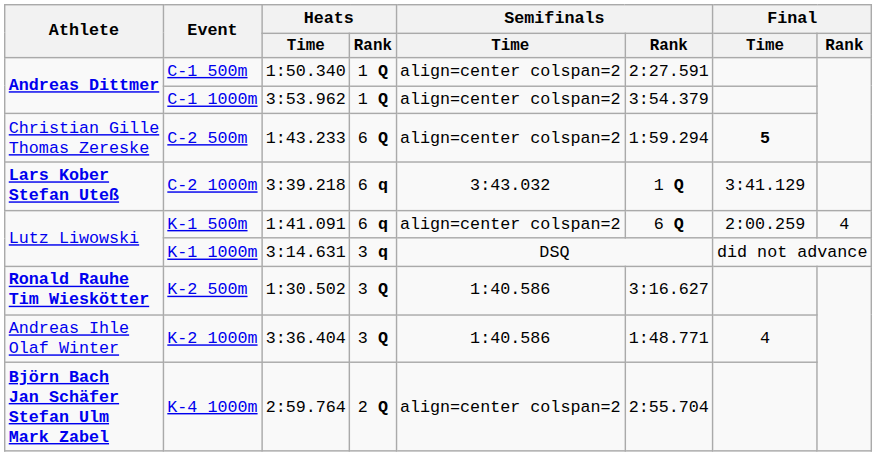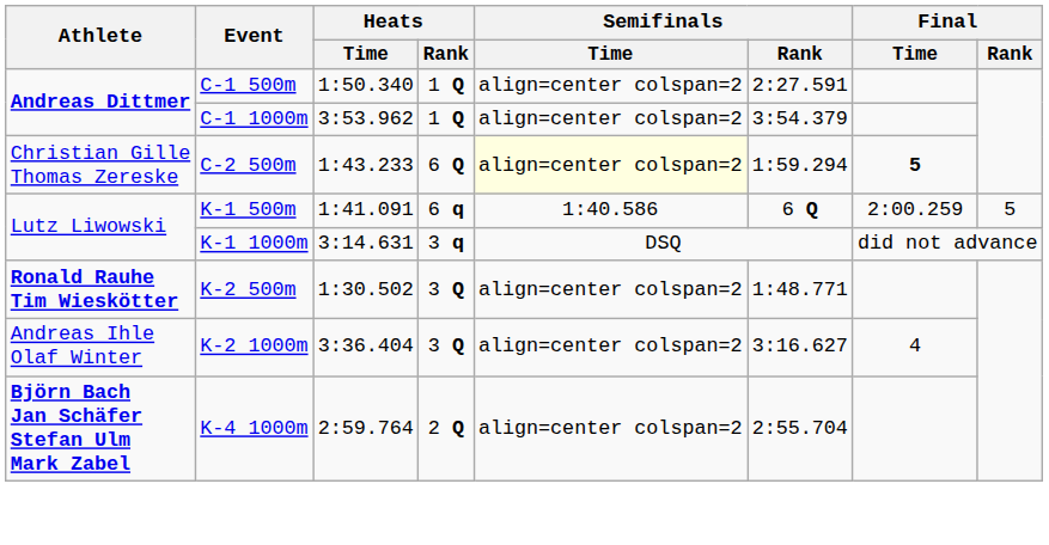 <table class="wikitable" style="font-size:90%">
 <tr>
 <th rowspan=2>Athlete</th>
 <th rowspan=2>Event</th>
 <th colspan=2>Heats</th>
 <th colspan=2>Semifinals</th>
 <th colspan=2>Final</th>
 </tr>
 <tr style="font-size:95%">
 <th>Time</th>
 <th>Rank</th>
 <th>Time</th>
 <th>Rank</th>
 <th>Time</th>
 <th>Rank</th>
 </tr>
 <tr>
 <td align=left rowspan=2><strong><a href='#'>Andreas Dittmer</a></strong></td>
 <td align=left><a href='#'>C-1 500m</a></td>
 <td align=center>1:50.340</td>
 <td align=center>1 <strong>Q</strong></td>
 <td>align=center colspan=2 </td>
 <td align=center>2:27.591</td>
 <td align=center></td>
 </tr>
 <tr>
 <td align=left><a href='#'>C-1 1000m</a></td>
 <td align=center>3:53.962</td>
 <td align=center>1 <strong>Q</strong></td>
 <td>align=center colspan=2 </td>
 <td align=center>3:54.379</td>
 <td align=center></td>
 </tr>
 <tr>
 <td align=left><a href='#'>Christian Gille</a><br> <a href='#'>Thomas Zereske</a></td>
 <td align=left><a href='#'>C-2 500m</a></td>
 <td align=center>1:43.233</td>
 <td align=center>6 <strong>Q</strong></td>
-<td>align=center colspan=2 </td>
+<td style="background: lightyellow;">align=center colspan=2 </td>
 <td align=center>1:59.294</td>
 <td align=center><strong>5</strong></td>
-</tr>
-<tr>
-<td align=left><strong><a href='#'>Lars Kober</a></strong><br> <strong><a href='#'>Stefan Uteß</a></strong></td>
-<td align=left><a href='#'>C-2 1000m</a></td>
-<td align=center>3:39.218</td>
-<td align=center>6 <strong>q</strong></td>
-<td align=center>3:43.032</td>
-<td align=center>1 <strong>Q</strong></td>
-<td align=center>3:41.129</td>
-<td align=center></td>
 </tr>
 <tr>
 <td align=left rowspan=2><a href='#'>Lutz Liwowski</a></td>
 <td align=left><a href='#'>K-1 500m</a></td>
 <td align=center>1:41.091</td>
 <td align=center>6 <strong>q</strong></td>
-<td>align=center colspan=2 </td>
+<td align=center>1:40.586</td>
 <td align=center>6 <strong>Q</strong></td>
 <td align=center>2:00.259</td>
-<td align=center>4</td>
+<td align=center>5</td>
 </tr>
 <tr>
 <td align=left><a href='#'>K-1 1000m</a></td>
 <td align=center>3:14.631</td>
 <td align=center>3 <strong>q</strong></td>
 <td align=center colspan=2>DSQ</td>
 <td align=center colspan=2>did not advance</td>
 </tr>
 <tr>
 <td align=left><strong><a href='#'>Ronald Rauhe</a></strong><br> <strong><a href='#'>Tim Wieskötter</a></strong></td>
 <td align=left><a href='#'>K-2 500m</a></td>
 <td align=center>1:30.502</td>
 <td align=center>3 <strong>Q</strong></td>
-<td align=center>1:40.586</td>
-<td align=center>3:16.627</td>
+<td>align=center colspan=2 </td>
+<td align=center>1:48.771</td>
 <td align=center></td>
 </tr>
 <tr>
 <td align=left><a href='#'>Andreas Ihle</a><br> <a href='#'>Olaf Winter</a></td>
 <td align=left><a href='#'>K-2 1000m</a></td>
 <td align=center>3:36.404</td>
 <td align=center>3 <strong>Q</strong></td>
-<td align=center>1:40.586</td>
-<td align=center>1:48.771</td>
+<td>align=center colspan=2 </td>
+<td align=center>3:16.627</td>
 <td align=center>4</td>
 </tr>
 <tr>
 <td align=left><strong><a href='#'>Björn Bach</a></strong><br> <strong><a href='#'>Jan Schäfer</a></strong><br> <strong><a href='#'>Stefan Ulm</a></strong><br> <strong><a href='#'>Mark Zabel</a></strong></td>
 <td align=left><a href='#'>K-4 1000m</a></td>
 <td align=center>2:59.764</td>
 <td align=center>2 <strong>Q</strong></td>
 <td>align=center colspan=2 </td>
 <td align=center>2:55.704</td>
 <td align=center></td>
 </tr>
 </table>
